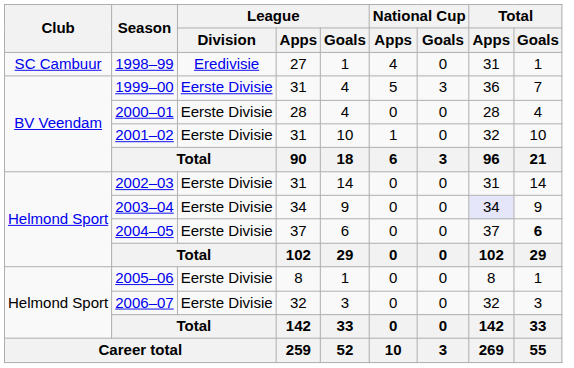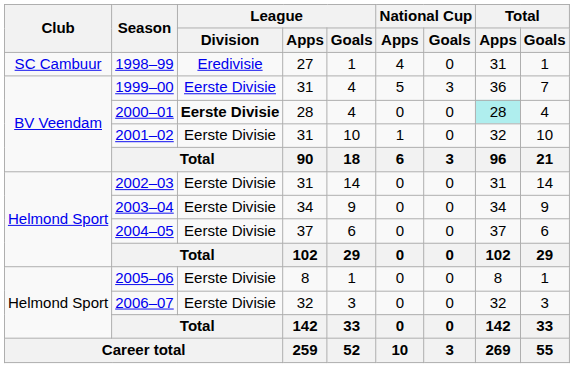 <table class="wikitable" style="text-align: center;">
 <tr>
 <th rowspan="2">Club</th>
 <th rowspan="2">Season</th>
 <th colspan="3">League</th>
 <th colspan="2">National Cup</th>
 <th colspan="2">Total</th>
 </tr>
 <tr>
 <th>Division</th>
 <th>Apps</th>
 <th>Goals</th>
 <th>Apps</th>
 <th>Goals</th>
 <th>Apps</th>
 <th>Goals</th>
 </tr>
 <tr>
 <td><a href='#'>SC Cambuur</a></td>
 <td><a href='#'>1998–99</a></td>
 <td><a href='#'>Eredivisie</a></td>
 <td>27</td>
 <td>1</td>
 <td>4</td>
 <td>0</td>
 <td>31</td>
 <td>1</td>
 </tr>
 <tr>
 <td rowspan="4"><a href='#'>BV Veendam</a></td>
 <td><a href='#'>1999–00</a></td>
 <td><a href='#'>Eerste Divisie</a></td>
 <td>31</td>
 <td>4</td>
 <td>5</td>
 <td>3</td>
 <td>36</td>
 <td>7</td>
 </tr>
 <tr>
 <td><a href='#'>2000–01</a></td>
-<td>Eerste Divisie</td>
+<td><strong>Eerste Divisie</strong></td>
 <td>28</td>
 <td>4</td>
 <td>0</td>
 <td>0</td>
-<td>28</td>
+<td style="background: paleturquoise;">28</td>
 <td>4</td>
 </tr>
 <tr>
 <td><a href='#'>2001–02</a></td>
 <td>Eerste Divisie</td>
 <td>31</td>
 <td>10</td>
 <td>1</td>
 <td>0</td>
 <td>32</td>
 <td>10</td>
 </tr>
 <tr>
 <th colspan="2">Total</th>
 <th>90</th>
 <th>18</th>
 <th>6</th>
 <th>3</th>
 <th>96</th>
 <th>21</th>
 </tr>
 <tr>
 <td rowspan="4"><a href='#'>Helmond Sport</a></td>
 <td><a href='#'>2002–03</a></td>
 <td>Eerste Divisie</td>
 <td>31</td>
 <td>14</td>
 <td>0</td>
 <td>0</td>
 <td>31</td>
 <td>14</td>
 </tr>
 <tr>
 <td><a href='#'>2003–04</a></td>
 <td>Eerste Divisie</td>
 <td>34</td>
 <td>9</td>
 <td>0</td>
 <td>0</td>
-<td style="background: lavender;">34</td>
+<td>34</td>
 <td>9</td>
 </tr>
 <tr>
 <td><a href='#'>2004–05</a></td>
 <td>Eerste Divisie</td>
 <td>37</td>
 <td>6</td>
 <td>0</td>
 <td>0</td>
 <td>37</td>
-<td><strong>6</strong></td>
+<td>6</td>
 </tr>
 <tr>
 <th colspan="2">Total</th>
 <th>102</th>
 <th>29</th>
 <th>0</th>
 <th>0</th>
 <th>102</th>
 <th>29</th>
 </tr>
 <tr>
 <td rowspan="3">Helmond Sport</td>
 <td><a href='#'>2005–06</a></td>
 <td>Eerste Divisie</td>
 <td>8</td>
 <td>1</td>
 <td>0</td>
 <td>0</td>
 <td>8</td>
 <td>1</td>
 </tr>
 <tr>
 <td><a href='#'>2006–07</a></td>
 <td>Eerste Divisie</td>
 <td>32</td>
 <td>3</td>
 <td>0</td>
 <td>0</td>
 <td>32</td>
 <td>3</td>
 </tr>
 <tr>
 <th colspan="2">Total</th>
 <th>142</th>
 <th>33</th>
 <th>0</th>
 <th>0</th>
 <th>142</th>
 <th>33</th>
 </tr>
 <tr>
 <th colspan="3">Career total</th>
 <th>259</th>
 <th>52</th>
 <th>10</th>
 <th>3</th>
 <th>269</th>
 <th>55</th>
 </tr>
 </table>
